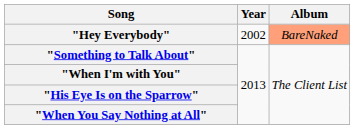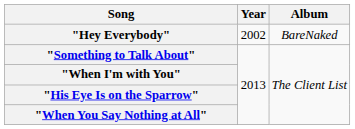 <table class="wikitable plainrowheaders" style="text-align:center;" border="1">
 <tr>
 <th scope="col" style="width:18em;">Song</th>
 <th scope="col">Year</th>
 <th scope="col">Album</th>
 </tr>
 <tr>
 <th scope="row">"Hey Everybody"</th>
 <td>2002</td>
-<td style="background: lightsalmon;"><em>BareNaked</em></td>
+<td><em>BareNaked</em></td>
 </tr>
 <tr>
 <th scope="row">"<a href='#'>Something to Talk About</a>"</th>
 <td rowspan=4>2013</td>
 <td rowspan=4><em>The Client List</em></td>
 </tr>
 <tr>
 <th scope="row">"When I'm with You"</th>
 </tr>
 <tr>
 <th scope="row">"<a href='#'>His Eye Is on the Sparrow</a>"</th>
 </tr>
 <tr>
 <th scope="row">"<a href='#'>When You Say Nothing at All</a>"</th>
 </tr>
 </table>
